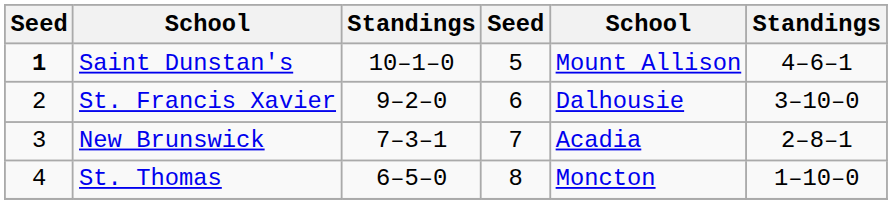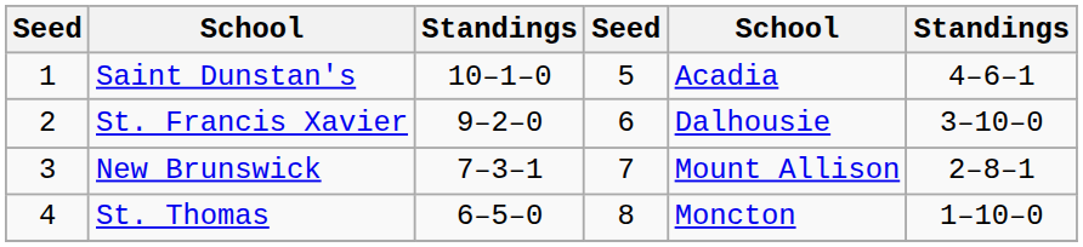 <table class="wikitable">
 <tr>
 <th>Seed</th>
 <th>School</th>
 <th>Standings</th>
 <th>Seed</th>
 <th>School</th>
 <th>Standings</th>
 </tr>
 <tr>
-<td align=center><strong>1</strong></td>
+<td align=center>1</td>
 <td><a href='#'>Saint Dunstan's</a></td>
 <td align=center>10–1–0</td>
 <td align=center>5</td>
-<td><a href='#'>Mount Allison</a></td>
+<td><a href='#'>Acadia</a></td>
 <td align=center>4–6–1</td>
 </tr>
 <tr>
 <td align=center>2</td>
 <td><a href='#'>St. Francis Xavier</a></td>
 <td align=center>9–2–0</td>
 <td align=center>6</td>
 <td><a href='#'>Dalhousie</a></td>
 <td align=center>3–10–0</td>
 </tr>
 <tr>
 <td align=center>3</td>
 <td><a href='#'>New Brunswick</a></td>
 <td align=center>7–3–1</td>
 <td align=center>7</td>
-<td><a href='#'>Acadia</a></td>
+<td><a href='#'>Mount Allison</a></td>
 <td align=center>2–8–1</td>
 </tr>
 <tr>
 <td align=center>4</td>
 <td><a href='#'>St. Thomas</a></td>
 <td align=center>6–5–0</td>
 <td align=center>8</td>
 <td><a href='#'>Moncton</a></td>
 <td align=center>1–10–0</td>
 </tr>
 <tr>
 </tr>
 </table>
